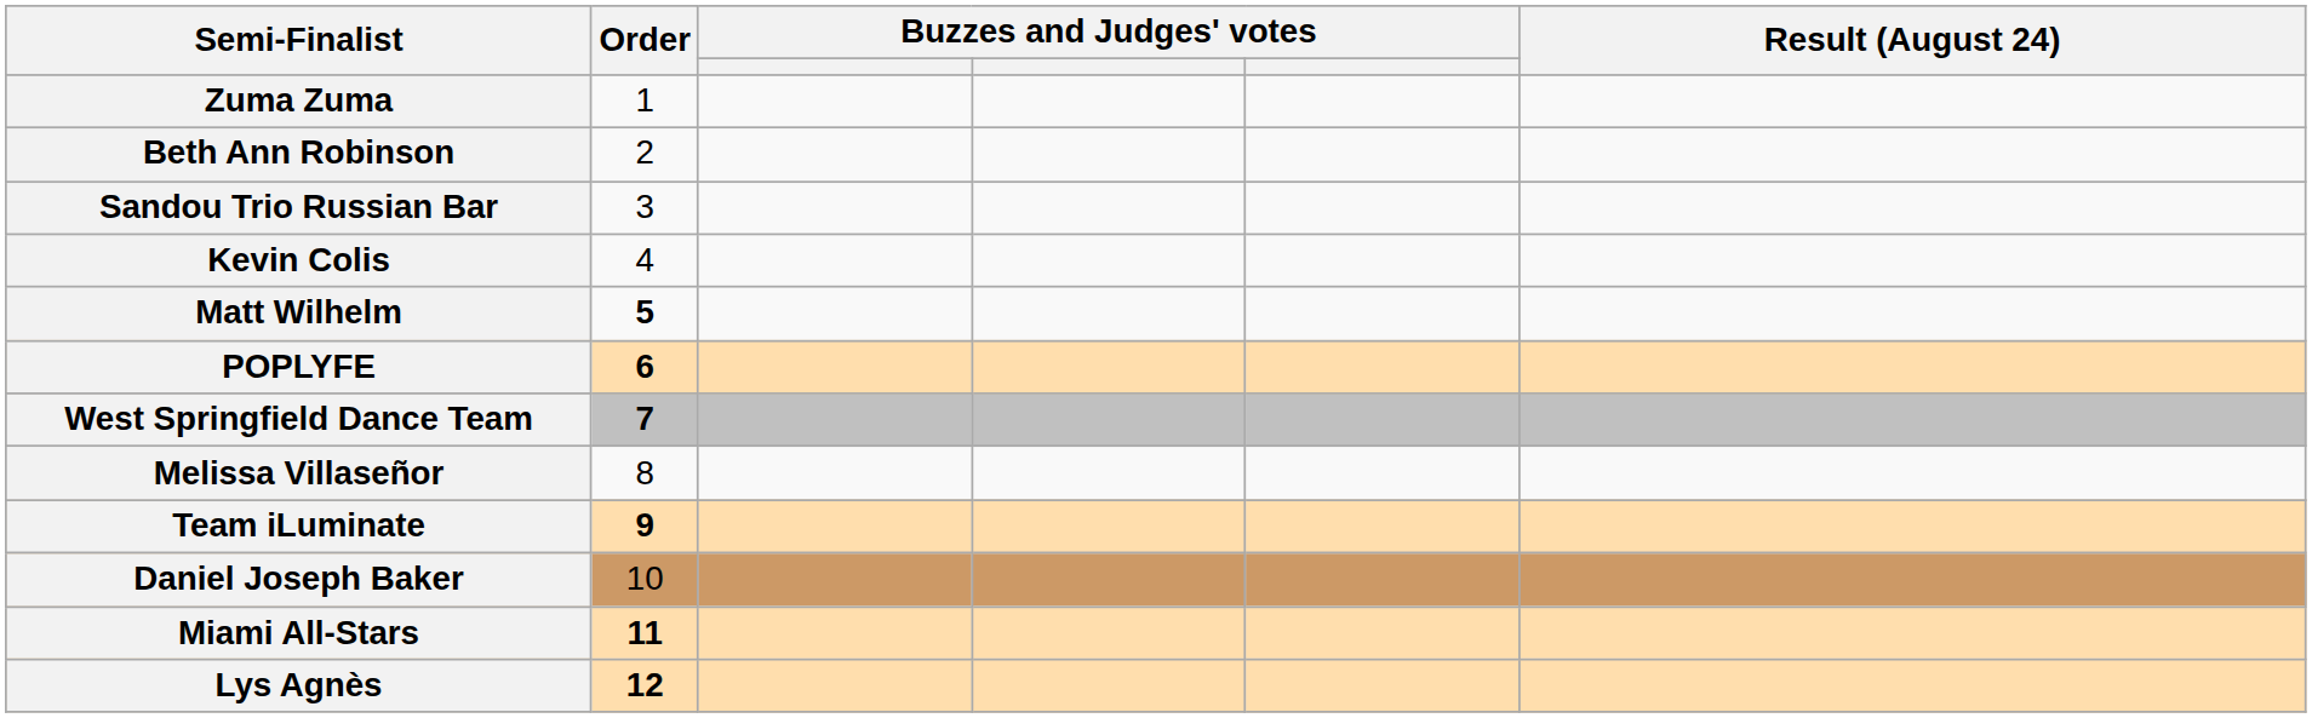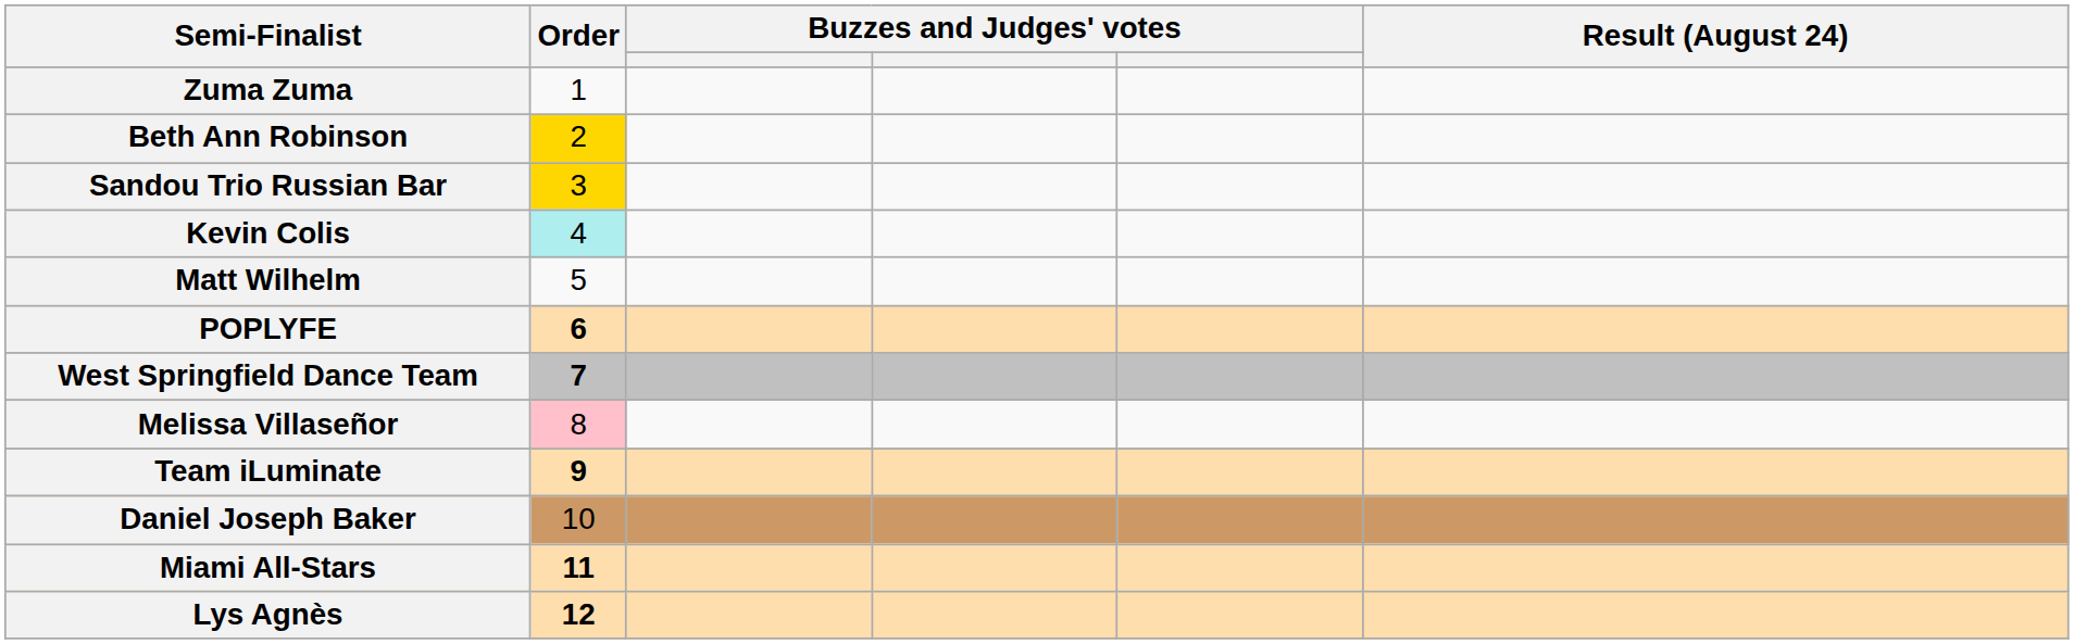 <table class="wikitable plainrowheaders sortable" style="text-align:center;">
 <tr>
 <th scope="col" rowspan="2" class="unsortable" style="width:17em;">Semi-Finalist</th>
 <th scope="col" rowspan="2" style="width:1em;">Order</th>
 <th scope="col" colspan="3" class="unsortable" style="width:24em;">Buzzes and Judges' votes</th>
 <th scope="col" rowspan="2" style="width:23em;">Result (August 24)</th>
 </tr>
 <tr>
 <th scope="col" class="unsortable" style="width:6em;"></th>
 <th scope="col" class="unsortable" style="width:6em;"></th>
 <th scope="col" class="unsortable" style="width:6em;"></th>
 </tr>
 <tr>
 <th scope="row">Zuma Zuma</th>
 <td>1</td>
 <td style="text-align:center;"></td>
 <td style="text-align:center;"></td>
 <td style="text-align:center;"></td>
 <td></td>
 </tr>
 <tr>
 <th scope="row">Beth Ann Robinson</th>
-<td>2</td>
+<td style="background: gold;">2</td>
 <td style="text-align:center;"></td>
 <td style="text-align:center;"></td>
 <td style="text-align:center;"></td>
 <td></td>
 </tr>
 <tr>
 <th scope="row">Sandou Trio Russian Bar</th>
-<td>3</td>
+<td style="background: gold;">3</td>
 <td style="text-align:center;"></td>
 <td style="text-align:center;"></td>
 <td style="text-align:center;"></td>
 <td></td>
 </tr>
 <tr>
 <th scope="row">Kevin Colis</th>
-<td>4</td>
+<td style="background: paleturquoise;">4</td>
 <td style="text-align:center;"></td>
 <td style="text-align:center;"></td>
 <td style="text-align:center;"></td>
 <td></td>
 </tr>
 <tr>
 <th scope="row">Matt Wilhelm</th>
-<td><strong>5</strong></td>
+<td>5</td>
 <td style="text-align:center;"></td>
 <td style="text-align:center;"></td>
 <td style="text-align:center;"></td>
 <td></td>
 </tr>
 <tr style="background:NavajoWhite;">
 <th scope="row"><strong>POPLYFE</strong></th>
 <td><strong>6</strong></td>
 <td style="text-align:center;"></td>
 <td style="text-align:center;"></td>
 <td style="text-align:center;"></td>
 <td><strong></strong></td>
 </tr>
 <tr style="background:Silver;">
 <th scope="row"><strong>West Springfield Dance Team</strong></th>
 <td><strong>7</strong></td>
 <td style="text-align:center;"></td>
 <td style="text-align:center;"></td>
 <td style="text-align:center;"></td>
 <td><strong></strong></td>
 </tr>
 <tr>
 <th scope="row">Melissa Villaseñor</th>
-<td>8</td>
+<td style="background: pink;">8</td>
 <td style="text-align:center;"></td>
 <td style="text-align:center;"></td>
 <td style="text-align:center;"></td>
 <td></td>
 </tr>
 <tr style="background:NavajoWhite;">
 <th scope="row"><strong>Team iLuminate</strong></th>
 <td><strong>9</strong></td>
 <td style="text-align:center;"></td>
 <td style="text-align:center;"></td>
 <td style="text-align:center;"></td>
 <td><strong></strong></td>
 </tr>
 <tr style="background:#c96;">
 <th scope="row">Daniel Joseph Baker</th>
 <td>10</td>
 <td style="text-align:center;"></td>
 <td style="text-align:center;"></td>
 <td style="text-align:center;"></td>
 <td></td>
 </tr>
 <tr style="background:NavajoWhite;">
 <th scope="row"><strong>Miami All-Stars</strong></th>
 <td><strong>11</strong></td>
 <td style="text-align:center;"></td>
 <td style="text-align:center;"></td>
 <td style="text-align:center;"></td>
 <td><strong></strong></td>
 </tr>
 <tr style="background:NavajoWhite;">
 <th scope="row"><strong>Lys Agnès</strong></th>
 <td><strong>12</strong></td>
 <td style="text-align:center;"></td>
 <td style="text-align:center;"></td>
 <td style="text-align:center;"></td>
 <td><strong></strong></td>
 </tr>
 </table>
